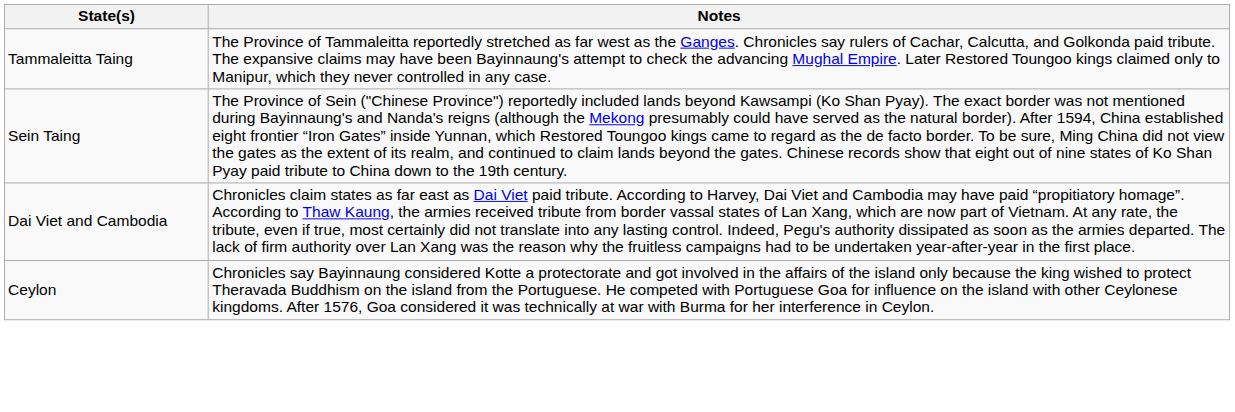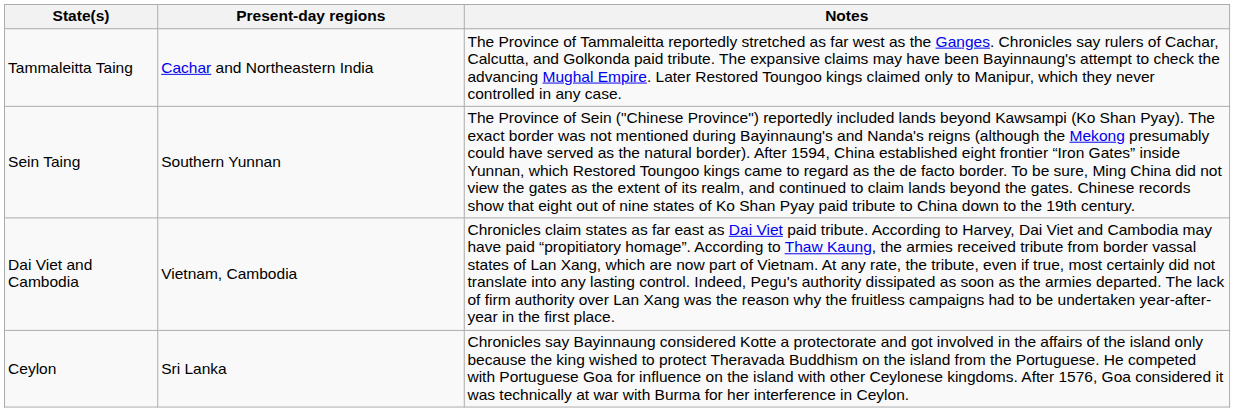 <table width=100% class="wikitable">
 <tr>
 <th width="10%">State(s)</th>
+<th width="20%">Present-day regions</th>
 <th width="50%">Notes</th>
 </tr>
 <tr>
 <td>Tammaleitta Taing</td>
+<td><a href='#'>Cachar</a> and Northeastern India</td>
 <td>The Province of Tammaleitta reportedly stretched as far west as the <a href='#'>Ganges</a>. Chronicles say rulers of Cachar, Calcutta, and Golkonda paid tribute. The expansive claims may have been Bayinnaung's attempt to check the advancing <a href='#'>Mughal Empire</a>. Later Restored Toungoo kings claimed only to Manipur, which they never controlled in any case.</td>
 </tr>
 <tr>
 <td>Sein Taing</td>
+<td>Southern Yunnan</td>
 <td>The Province of Sein ("Chinese Province") reportedly included lands beyond Kawsampi (Ko Shan Pyay). The exact border was not mentioned during Bayinnaung's and Nanda's reigns (although the <a href='#'>Mekong</a> presumably could have served as the natural border). After 1594, China established eight frontier “Iron Gates” inside Yunnan, which Restored Toungoo kings came to regard as the de facto border. To be sure, Ming China did not view the gates as the extent of its realm, and continued to claim lands beyond the gates. Chinese records show that eight out of nine states of Ko Shan Pyay paid tribute to China down to the 19th century.</td>
 </tr>
 <tr>
 <td>Dai Viet and Cambodia</td>
+<td>Vietnam, Cambodia</td>
 <td>Chronicles claim states as far east as <a href='#'>Dai Viet</a> paid tribute. According to Harvey, Dai Viet and Cambodia may have paid “propitiatory homage”. According to <a href='#'>Thaw Kaung</a>, the armies received tribute from border vassal states of Lan Xang, which are now part of Vietnam. At any rate, the tribute, even if true, most certainly did not translate into any lasting control. Indeed, Pegu's authority dissipated as soon as the armies departed. The lack of firm authority over Lan Xang was the reason why the fruitless campaigns had to be undertaken year-after-year in the first place.</td>
 </tr>
 <tr>
 <td>Ceylon</td>
+<td>Sri Lanka</td>
 <td>Chronicles say Bayinnaung considered Kotte a protectorate and got involved in the affairs of the island only because the king wished to protect Theravada Buddhism on the island from the Portuguese. He competed with Portuguese Goa for influence on the island with other Ceylonese kingdoms. After 1576, Goa considered it was technically at war with Burma for her interference in Ceylon.</td>
 </tr>
 </table>
